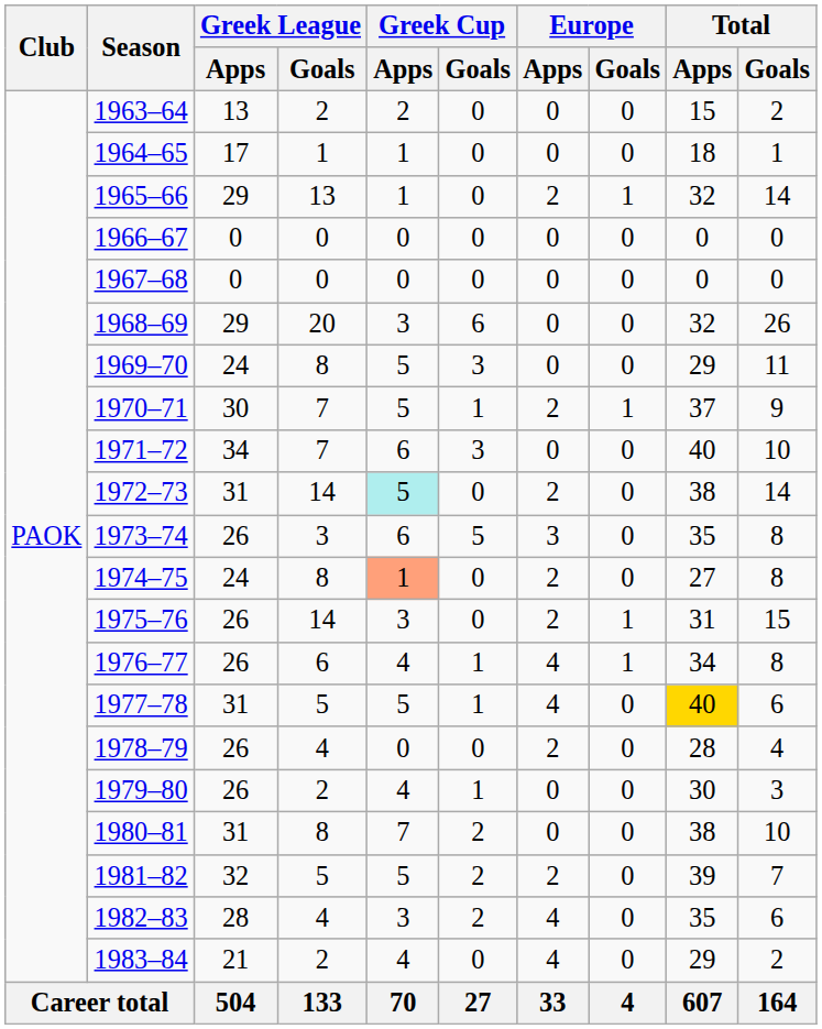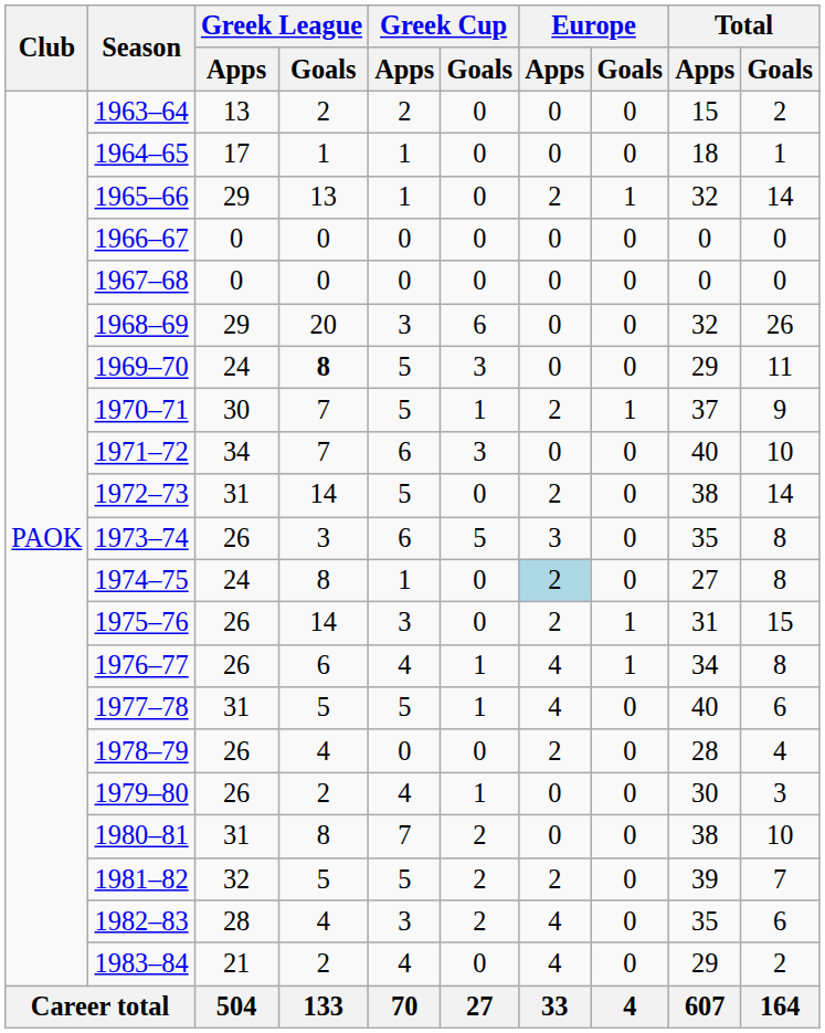 <table class="wikitable" style="text-align:center">
 <tr>
 <th rowspan="2">Club</th>
 <th rowspan="2">Season</th>
 <th colspan="2"><a href='#'>Greek League</a></th>
 <th colspan="2"><a href='#'>Greek Cup</a></th>
 <th colspan="2"><a href='#'>Europe</a></th>
 <th colspan="2">Total</th>
 </tr>
 <tr>
 <th>Apps</th>
 <th>Goals</th>
 <th>Apps</th>
 <th>Goals</th>
 <th>Apps</th>
 <th>Goals</th>
 <th>Apps</th>
 <th>Goals</th>
 </tr>
 <tr>
 <td rowspan="21"><a href='#'>PAOK</a></td>
 <td><a href='#'>1963–64</a></td>
 <td>13</td>
 <td>2</td>
 <td>2</td>
 <td>0</td>
 <td>0</td>
 <td>0</td>
 <td>15</td>
 <td>2</td>
 </tr>
 <tr>
 <td><a href='#'>1964–65</a></td>
 <td>17</td>
 <td>1</td>
 <td>1</td>
 <td>0</td>
 <td>0</td>
 <td>0</td>
 <td>18</td>
 <td>1</td>
 </tr>
 <tr>
 <td><a href='#'>1965–66</a></td>
 <td>29</td>
 <td>13</td>
 <td>1</td>
 <td>0</td>
 <td>2</td>
 <td>1</td>
 <td>32</td>
 <td>14</td>
 </tr>
 <tr>
 <td><a href='#'>1966–67</a></td>
 <td>0</td>
 <td>0</td>
 <td>0</td>
 <td>0</td>
 <td>0</td>
 <td>0</td>
 <td>0</td>
 <td>0</td>
 </tr>
 <tr>
 <td><a href='#'>1967–68</a></td>
 <td>0</td>
 <td>0</td>
 <td>0</td>
 <td>0</td>
 <td>0</td>
 <td>0</td>
 <td>0</td>
 <td>0</td>
 </tr>
 <tr>
 <td><a href='#'>1968–69</a></td>
 <td>29</td>
 <td>20</td>
 <td>3</td>
 <td>6</td>
 <td>0</td>
 <td>0</td>
 <td>32</td>
 <td>26</td>
 </tr>
 <tr>
 <td><a href='#'>1969–70</a></td>
 <td>24</td>
-<td>8</td>
+<td><strong>8</strong></td>
 <td>5</td>
 <td>3</td>
 <td>0</td>
 <td>0</td>
 <td>29</td>
 <td>11</td>
 </tr>
 <tr>
 <td><a href='#'>1970–71</a></td>
 <td>30</td>
 <td>7</td>
 <td>5</td>
 <td>1</td>
 <td>2</td>
 <td>1</td>
 <td>37</td>
 <td>9</td>
 </tr>
 <tr>
 <td><a href='#'>1971–72</a></td>
 <td>34</td>
 <td>7</td>
 <td>6</td>
 <td>3</td>
 <td>0</td>
 <td>0</td>
 <td>40</td>
 <td>10</td>
 </tr>
 <tr>
 <td><a href='#'>1972–73</a></td>
 <td>31</td>
 <td>14</td>
-<td style="background: paleturquoise;">5</td>
+<td>5</td>
 <td>0</td>
 <td>2</td>
 <td>0</td>
 <td>38</td>
 <td>14</td>
 </tr>
 <tr>
 <td><a href='#'>1973–74</a></td>
 <td>26</td>
 <td>3</td>
 <td>6</td>
 <td>5</td>
 <td>3</td>
 <td>0</td>
 <td>35</td>
 <td>8</td>
 </tr>
 <tr>
 <td><a href='#'>1974–75</a></td>
 <td>24</td>
 <td>8</td>
-<td style="background: lightsalmon;">1</td>
+<td>1</td>
 <td>0</td>
-<td>2</td>
+<td style="background: lightblue;">2</td>
 <td>0</td>
 <td>27</td>
 <td>8</td>
 </tr>
 <tr>
 <td><a href='#'>1975–76</a></td>
 <td>26</td>
 <td>14</td>
 <td>3</td>
 <td>0</td>
 <td>2</td>
 <td>1</td>
 <td>31</td>
 <td>15</td>
 </tr>
 <tr>
 <td><a href='#'>1976–77</a></td>
 <td>26</td>
 <td>6</td>
 <td>4</td>
 <td>1</td>
 <td>4</td>
 <td>1</td>
 <td>34</td>
 <td>8</td>
 </tr>
 <tr>
 <td><a href='#'>1977–78</a></td>
 <td>31</td>
 <td>5</td>
 <td>5</td>
 <td>1</td>
 <td>4</td>
 <td>0</td>
-<td style="background: gold;">40</td>
+<td>40</td>
 <td>6</td>
 </tr>
 <tr>
 <td><a href='#'>1978–79</a></td>
 <td>26</td>
 <td>4</td>
 <td>0</td>
 <td>0</td>
 <td>2</td>
 <td>0</td>
 <td>28</td>
 <td>4</td>
 </tr>
 <tr>
 <td><a href='#'>1979–80</a></td>
 <td>26</td>
 <td>2</td>
 <td>4</td>
 <td>1</td>
 <td>0</td>
 <td>0</td>
 <td>30</td>
 <td>3</td>
 </tr>
 <tr>
 <td><a href='#'>1980–81</a></td>
 <td>31</td>
 <td>8</td>
 <td>7</td>
 <td>2</td>
 <td>0</td>
 <td>0</td>
 <td>38</td>
 <td>10</td>
 </tr>
 <tr>
 <td><a href='#'>1981–82</a></td>
 <td>32</td>
 <td>5</td>
 <td>5</td>
 <td>2</td>
 <td>2</td>
 <td>0</td>
 <td>39</td>
 <td>7</td>
 </tr>
 <tr>
 <td><a href='#'>1982–83</a></td>
 <td>28</td>
 <td>4</td>
 <td>3</td>
 <td>2</td>
 <td>4</td>
 <td>0</td>
 <td>35</td>
 <td>6</td>
 </tr>
 <tr>
 <td><a href='#'>1983–84</a></td>
 <td>21</td>
 <td>2</td>
 <td>4</td>
 <td>0</td>
 <td>4</td>
 <td>0</td>
 <td>29</td>
 <td>2</td>
 </tr>
 <tr>
 <th colspan="2">Career total</th>
 <th>504</th>
 <th>133</th>
 <th>70</th>
 <th>27</th>
 <th>33</th>
 <th>4</th>
 <th>607</th>
 <th>164</th>
 </tr>
 </table>
